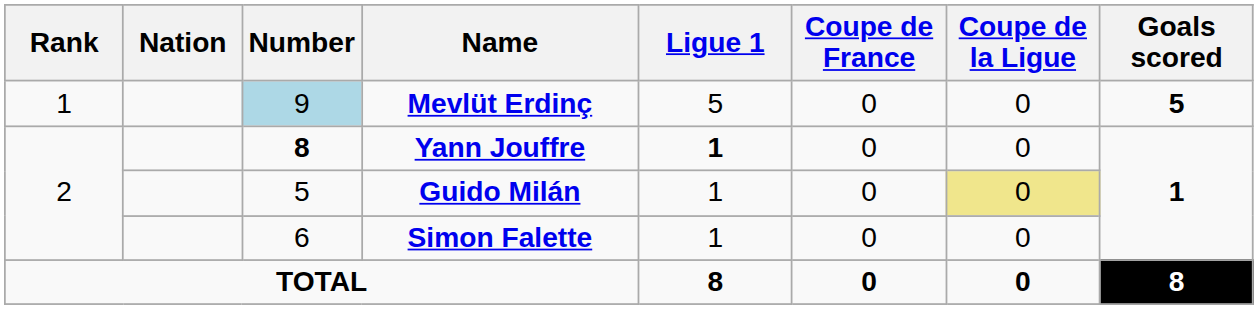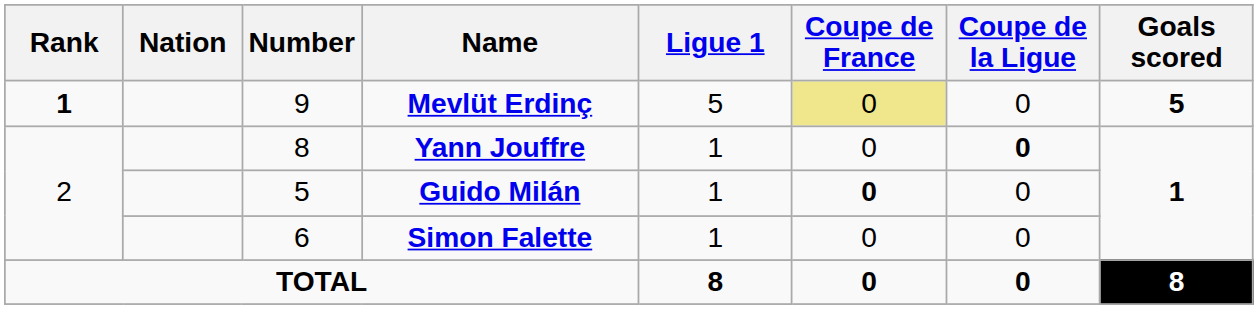 <table class="wikitable plainrowheaders sortable" style="text-align:center">
 <tr>
 <th scope="col" ! style="width:60px;">Rank</th>
 <th scope="col" ! style="width:60px;">Nation</th>
 <th scope="col" ! style="width:60px;">Number</th>
 <th scope="col" ! style="width:150px;">Name</th>
 <th scope="col" ! style="width:80px;"><a href='#'>Ligue 1</a></th>
 <th scope="col" ! style="width:80px;"><a href='#'>Coupe de France</a></th>
 <th scope="col" ! style="width:80px;"><a href='#'>Coupe de la Ligue</a></th>
 <th scope="col" ! style="width:80px;">Goals scored</th>
 </tr>
 <tr>
-<td>1</td>
+<td><strong>1</strong></td>
 <td></td>
-<td style="background: lightblue;">9</td>
+<td>9</td>
 <td><strong><a href='#'>Mevlüt Erdinç</a></strong></td>
 <td>5</td>
-<td>0</td>
+<td style="background: khaki;">0</td>
 <td>0</td>
 <td><strong>5</strong></td>
 </tr>
 <tr>
 <td rowspan=3>2</td>
 <td></td>
-<td><strong>8</strong></td>
+<td>8</td>
 <td><strong><a href='#'>Yann Jouffre</a></strong></td>
-<td><strong>1</strong></td>
+<td>1</td>
 <td>0</td>
-<td>0</td>
+<td><strong>0</strong></td>
 <td rowspan=3><strong>1</strong></td>
 </tr>
 <tr>
 <td></td>
 <td>5</td>
 <td><strong><a href='#'>Guido Milán</a></strong></td>
 <td>1</td>
+<td><strong>0</strong></td>
 <td>0</td>
-<td style="background: khaki;">0</td>
 </tr>
 <tr>
 <td></td>
 <td>6</td>
 <td><strong><a href='#'>Simon Falette</a></strong></td>
 <td>1</td>
 <td>0</td>
 <td>0</td>
 </tr>
 <tr>
 <td colspan=4><strong>TOTAL</strong></td>
 <td><strong>8</strong></td>
 <td><strong>0</strong></td>
 <td><strong>0</strong></td>
 <td style="background:#000000; color:#ffffff"><strong>8</strong></td>
 </tr>
 </table>
